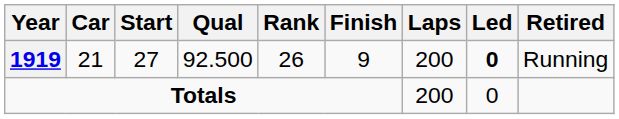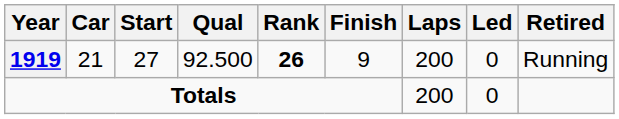 <table class="wikitable" style="text-align:center">
 <tr>
 <th>Year</th>
 <th>Car</th>
 <th>Start</th>
 <th>Qual</th>
 <th>Rank</th>
 <th>Finish</th>
 <th>Laps</th>
 <th>Led</th>
 <th>Retired</th>
 </tr>
 <tr>
 <th><a href='#'>1919</a></th>
 <td>21</td>
 <td>27</td>
 <td>92.500</td>
-<td>26</td>
+<td><strong>26</strong></td>
 <td>9</td>
 <td>200</td>
-<td><strong>0</strong></td>
+<td>0</td>
 <td>Running</td>
 </tr>
 <tr>
 <td colspan=6><strong>Totals</strong></td>
 <td>200</td>
 <td>0</td>
 <td></td>
 </tr>
 </table>
